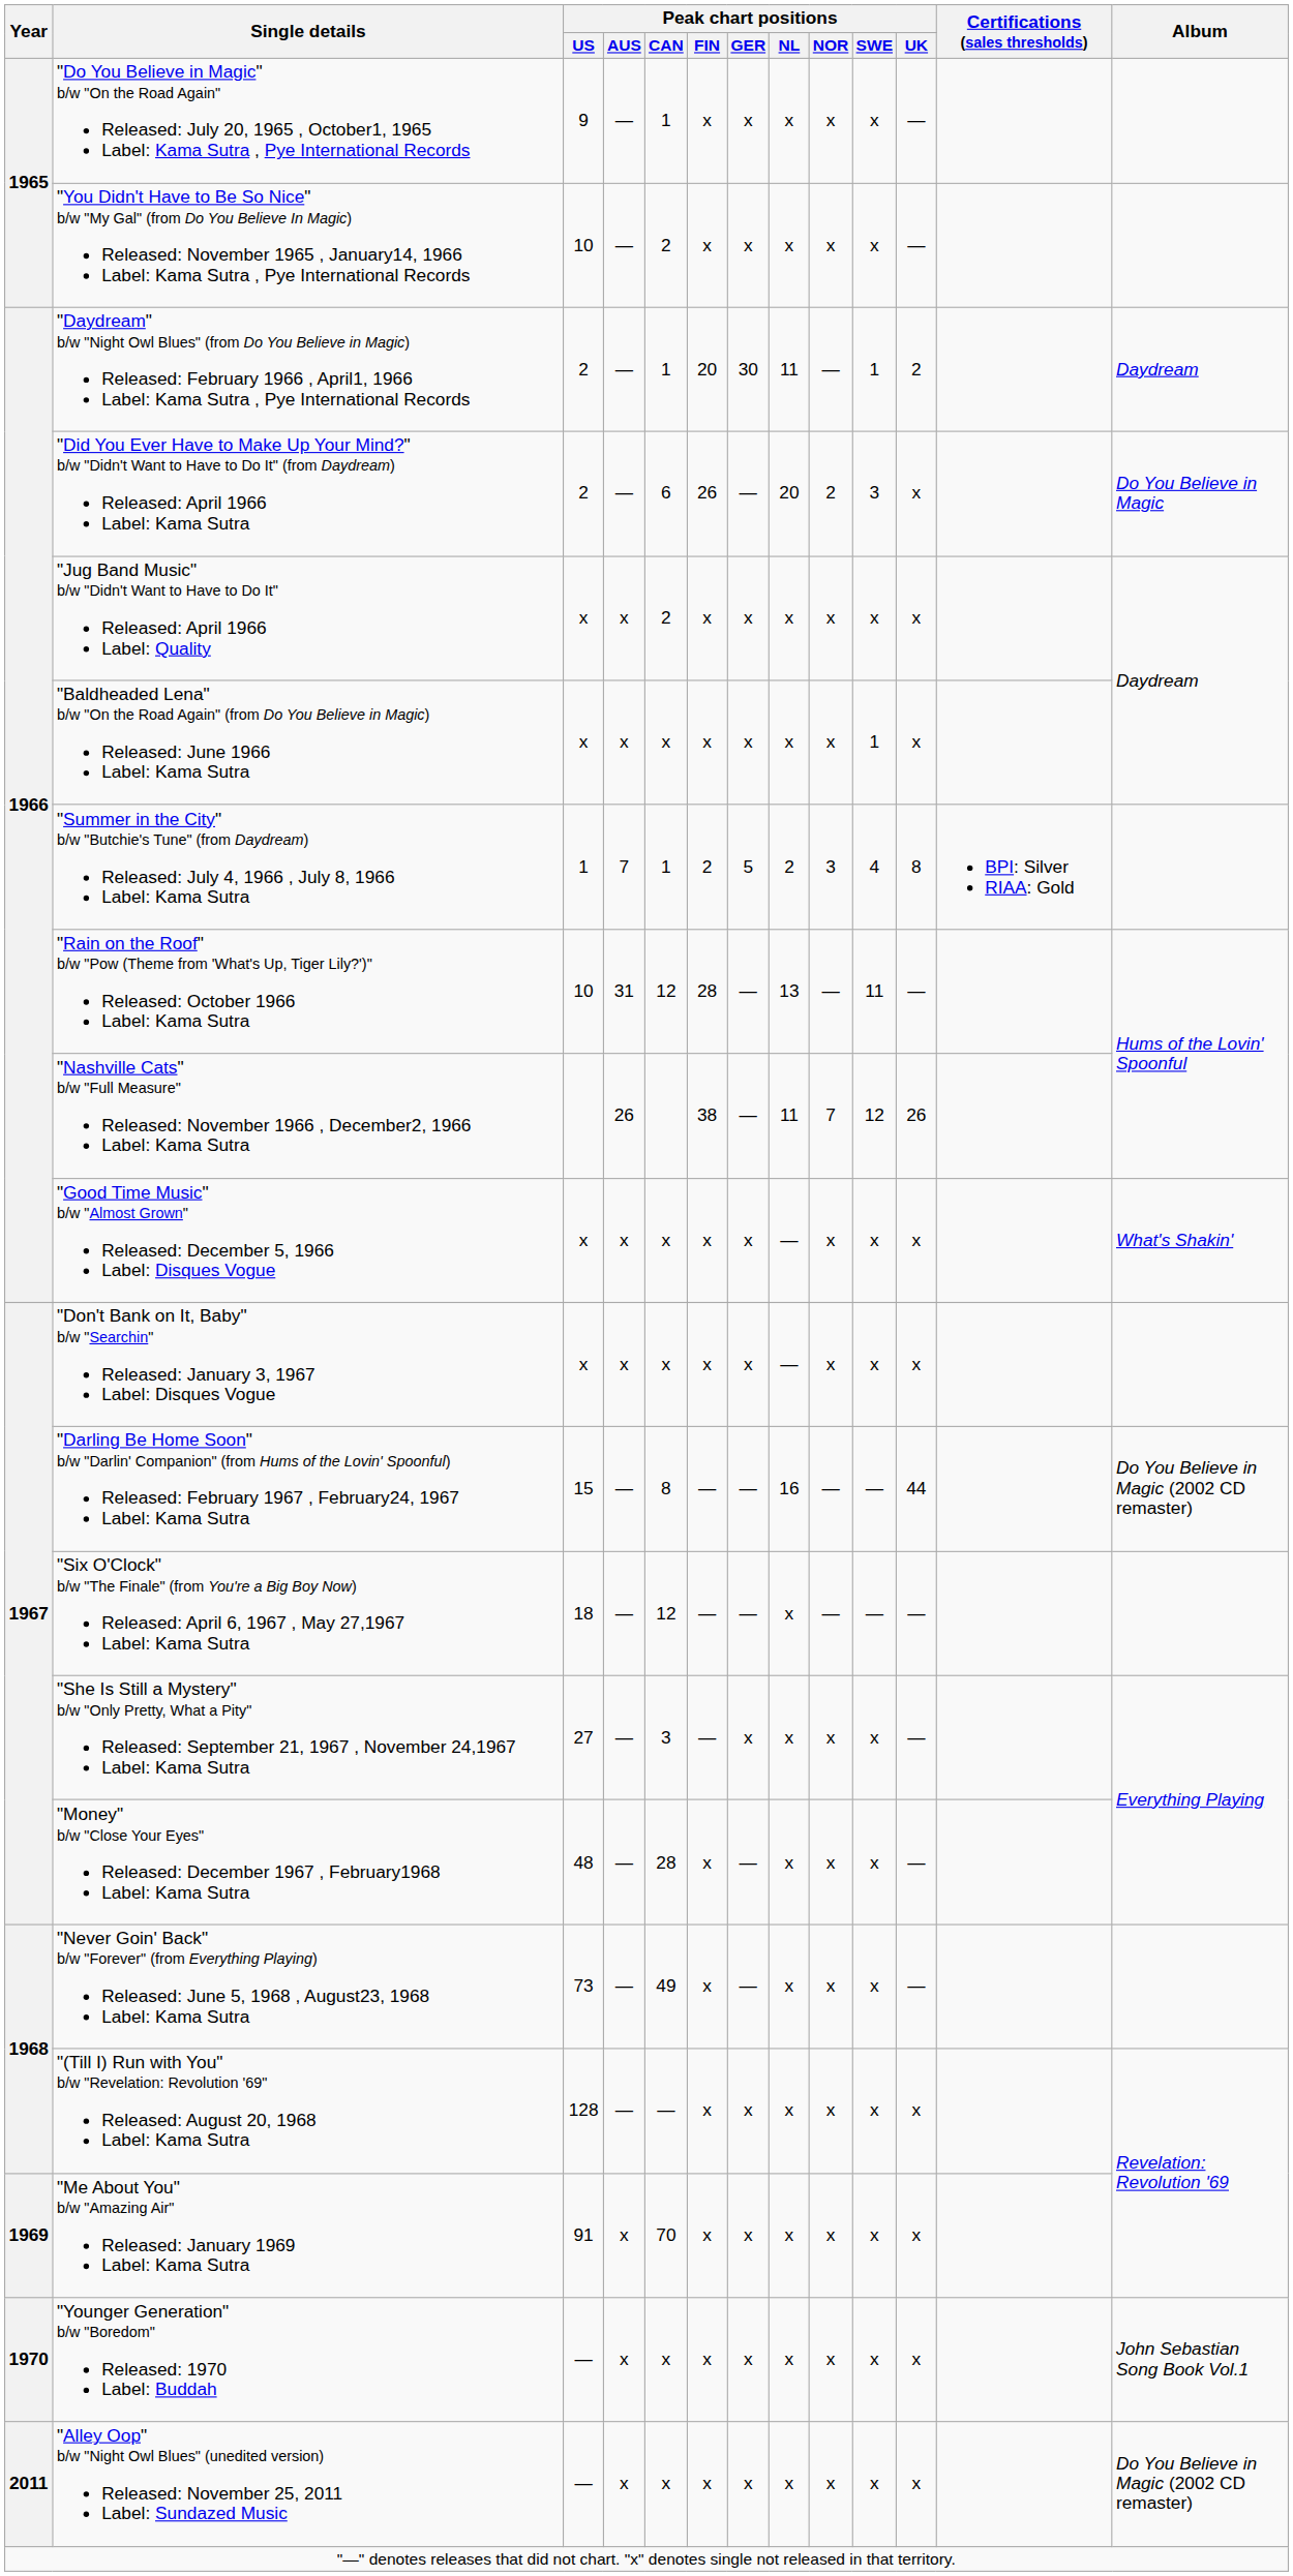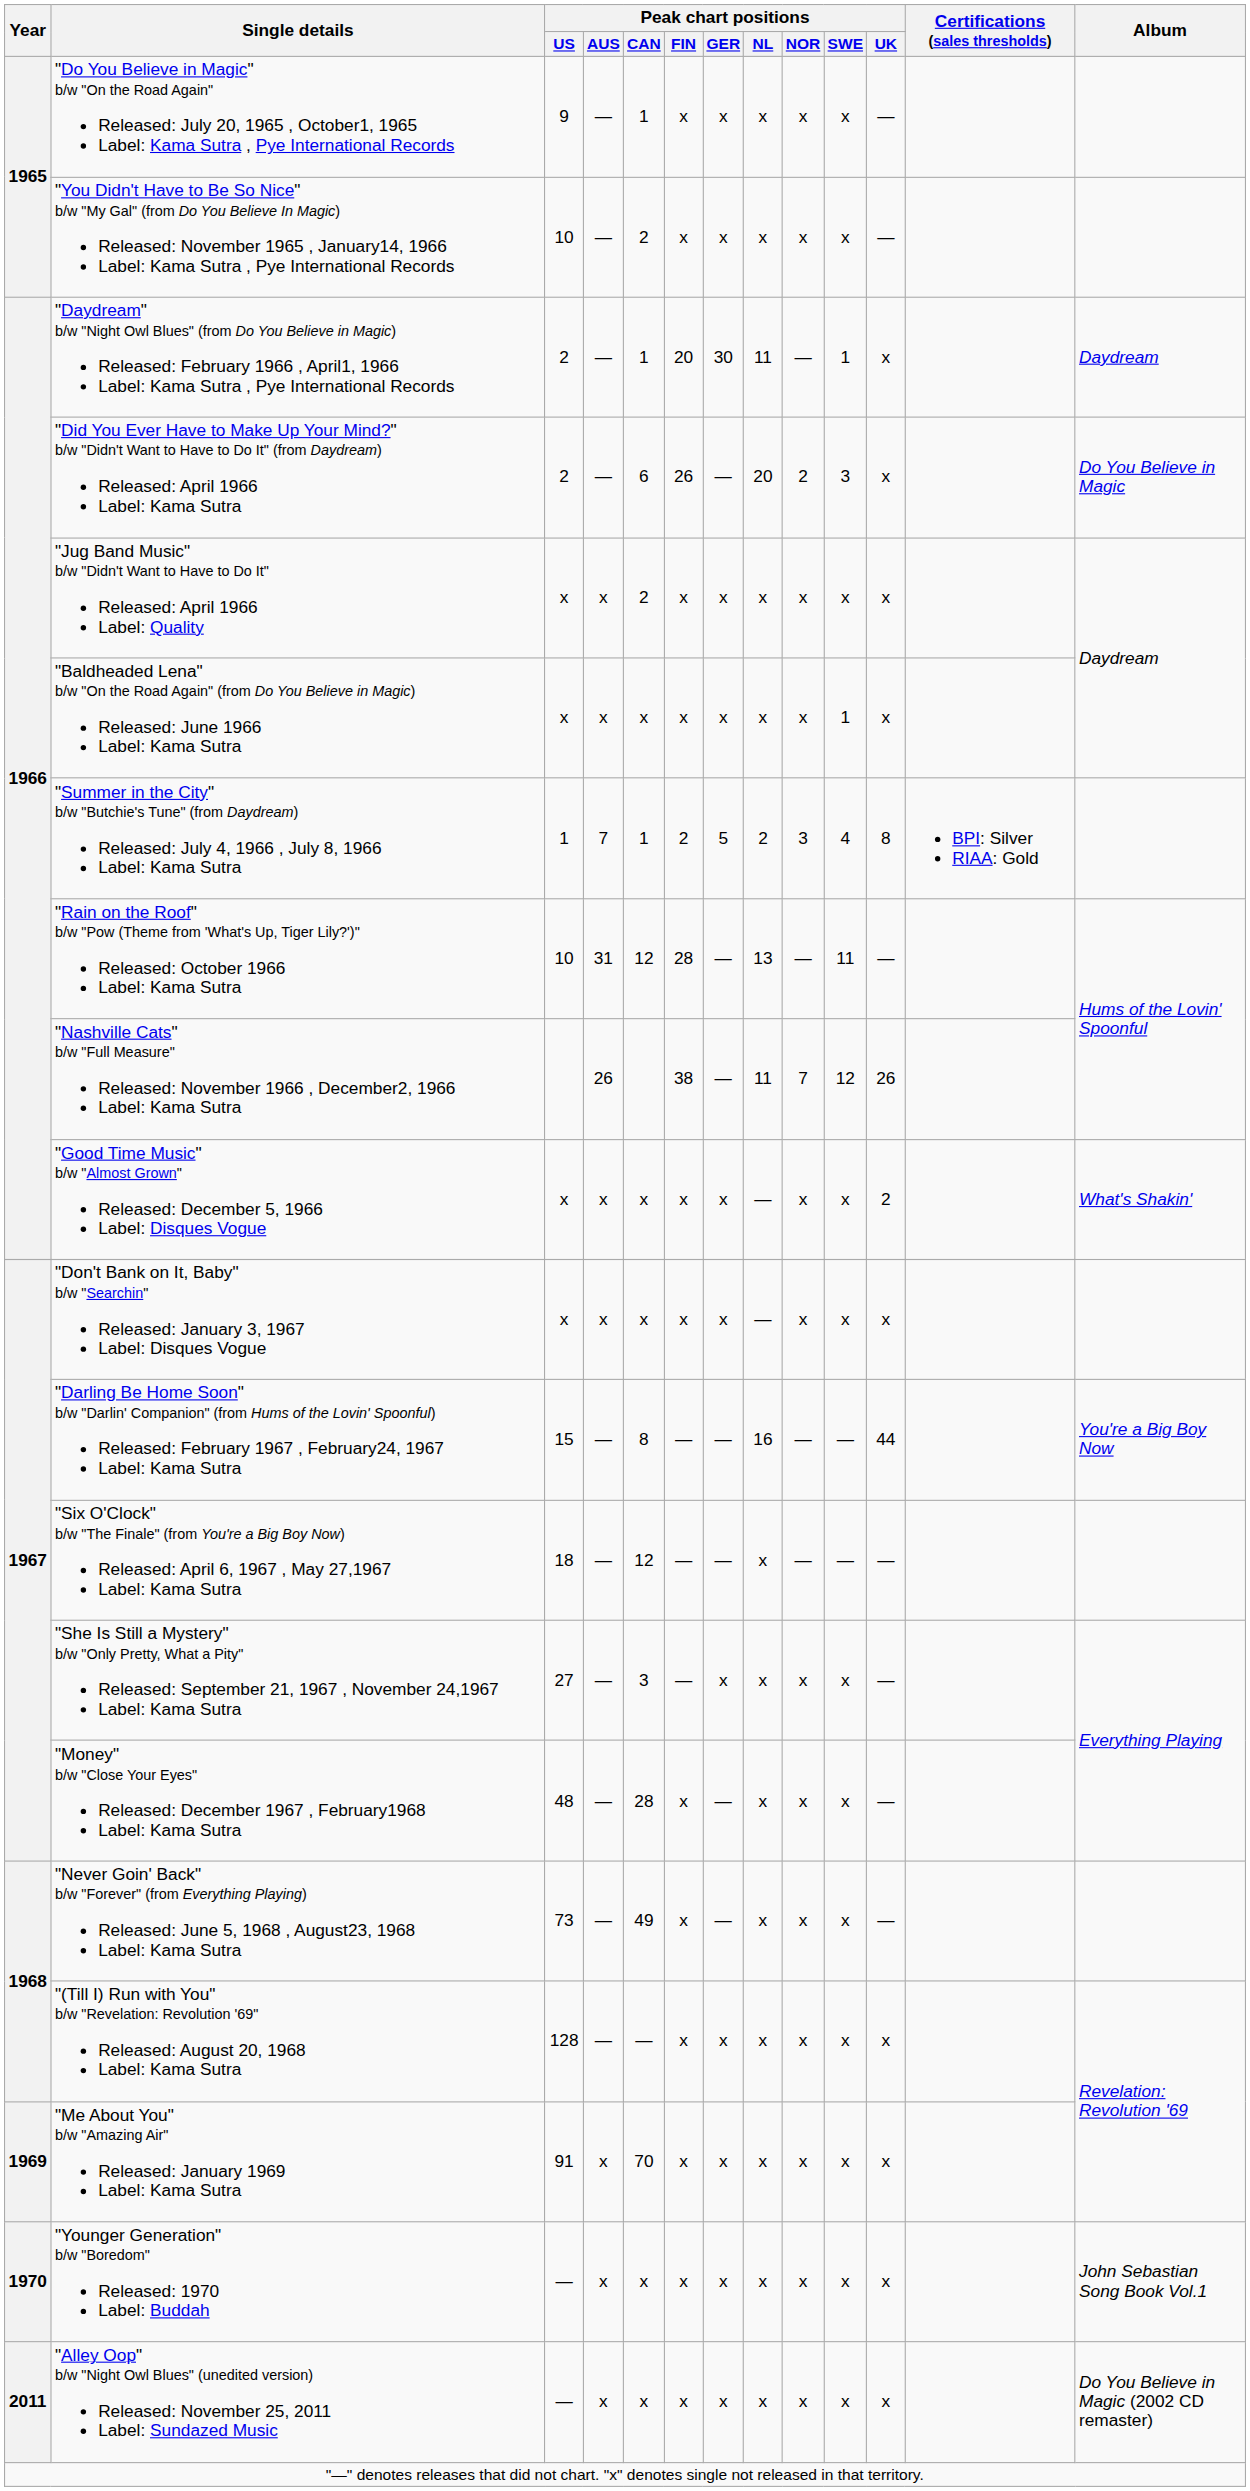 <table class="wikitable plainrowheaders">
 <tr>
 <th width="30" scope="col" rowspan="2">Year</th>
 <th width="450" scope="col" rowspan="2">Single details</th>
 <th width="200" scope="colgroup" colspan="9">Peak chart positions</th>
 <th width="150" scope="col" rowspan="2"><a href='#'>Certifications</a><br><small>(<a href='#'>sales thresholds</a>)</small></th>
 <th width="150" scope="col" rowspan="2">Album</th>
 </tr>
 <tr>
 <th scope="col" style="width:2em;font-size:90%;"><a href='#'>US</a><br></th>
 <th scope="col" style="width:2em;font-size:90%;"><a href='#'>AUS</a><br></th>
 <th scope="col" style="width:2em;font-size:90%;"><a href='#'>CAN</a><br></th>
 <th scope="col" style="width:2em;font-size:90%;"><a href='#'>FIN</a><br></th>
 <th scope="col" style="width:2em;font-size:90%;"><a href='#'>GER</a><br></th>
 <th scope="col" style="width:2em;font-size:90%;"><a href='#'>NL</a><br></th>
 <th scope="col" style="width:2em;font-size:90%;"><a href='#'>NOR</a><br></th>
 <th scope="col" style="width:2em;font-size:90%;"><a href='#'>SWE</a><br></th>
 <th scope="col" style="width:2em;font-size:90%;"><a href='#'>UK</a><br></th>
 </tr>
 <tr>
 <th scope="rowgroup" rowspan="2">1965</th>
 <td>"<a href='#'>Do You Believe in Magic</a>"<br><small>b/w "On the Road Again"</small><br><ul><li>Released: July 20, 1965 , October1, 1965 </li><li>Label: <a href='#'>Kama Sutra</a> , <a href='#'>Pye International Records</a> </li></ul></td>
 <td align="center">9</td>
 <td align="center">—</td>
 <td align="center">1</td>
 <td align="center">x</td>
 <td align="center">x</td>
 <td align="center">x</td>
 <td align="center">x</td>
 <td align="center">x</td>
 <td align="center">—</td>
 <td></td>
 <td></td>
 </tr>
 <tr>
 <td>"<a href='#'>You Didn't Have to Be So Nice</a>"<br><small>b/w "My Gal" (from <em>Do You Believe In Magic</em>)</small><br><ul><li>Released: November 1965 , January14, 1966 </li><li>Label: Kama Sutra , Pye International Records </li></ul></td>
 <td align="center">10</td>
 <td align="center">—</td>
 <td align="center">2</td>
 <td align="center">x</td>
 <td align="center">x</td>
 <td align="center">x</td>
 <td align="center">x</td>
 <td align="center">x</td>
 <td align="center">—</td>
 <td></td>
 <td></td>
 </tr>
 <tr>
 <th scope="rowgroup" rowspan="8">1966</th>
 <td>"<a href='#'>Daydream</a>"<br><small>b/w "Night Owl Blues" (from <em>Do You Believe in Magic</em>)</small><br><ul><li>Released: February 1966 , April1, 1966 </li><li>Label: Kama Sutra , Pye International Records </li></ul></td>
 <td align="center">2</td>
 <td align="center">—</td>
 <td align="center">1</td>
 <td align="center">20</td>
 <td align="center">30</td>
 <td align="center">11</td>
 <td align="center">—</td>
 <td align="center">1</td>
-<td align="center">2</td>
+<td align="center">x</td>
 <td></td>
 <td><em><a href='#'>Daydream</a></em></td>
 </tr>
 <tr>
 <td>"<a href='#'>Did You Ever Have to Make Up Your Mind?</a>"<br><small>b/w "Didn't Want to Have to Do It" (from <em>Daydream</em>)</small><br><ul><li>Released: April 1966 </li><li>Label: Kama Sutra </li></ul></td>
 <td align="center">2</td>
 <td align="center">—</td>
 <td align="center">6</td>
 <td align="center">26</td>
 <td align="center">—</td>
 <td align="center">20</td>
 <td align="center">2</td>
 <td align="center">3</td>
 <td align="center">x</td>
 <td></td>
 <td><em><a href='#'>Do You Believe in Magic</a></em></td>
 </tr>
 <tr>
 <td>"Jug Band Music"<br><small>b/w "Didn't Want to Have to Do It"</small><br><ul><li>Released: April 1966 </li><li>Label: <a href='#'>Quality</a> </li></ul></td>
 <td align="center">x</td>
 <td align="center">x</td>
 <td align="center">2</td>
 <td align="center">x</td>
 <td align="center">x</td>
 <td align="center">x</td>
 <td align="center">x</td>
 <td align="center">x</td>
 <td align="center">x</td>
 <td></td>
 <td rowspan="2"><em>Daydream</em></td>
 </tr>
 <tr>
 <td>"Baldheaded Lena"<br><small>b/w "On the Road Again" (from <em>Do You Believe in Magic</em>)</small><br><ul><li>Released: June 1966 </li><li>Label: Kama Sutra </li></ul></td>
 <td align="center">x</td>
 <td align="center">x</td>
 <td align="center">x</td>
 <td align="center">x</td>
 <td align="center">x</td>
 <td align="center">x</td>
 <td align="center">x</td>
 <td align="center">1</td>
 <td align="center">x</td>
 <td></td>
 </tr>
 <tr>
 <td>"<a href='#'>Summer in the City</a>"<br><small>b/w "Butchie's Tune" (from <em>Daydream</em>)</small><br><ul><li>Released: July 4, 1966 , July 8, 1966 </li><li>Label: Kama Sutra </li></ul></td>
 <td align="center">1</td>
 <td align="center">7</td>
 <td align="center">1</td>
 <td align="center">2</td>
 <td align="center">5</td>
 <td align="center">2</td>
 <td align="center">3</td>
 <td align="center">4</td>
 <td align="center">8</td>
 <td><br><ul><li><a href='#'>BPI</a>: Silver</li><li><a href='#'>RIAA</a>: Gold</li></ul></td>
 <td></td>
 </tr>
 <tr>
 <td>"<a href='#'>Rain on the Roof</a>"<br><small>b/w "Pow (Theme from 'What's Up, Tiger Lily?')"</small><br><ul><li>Released: October 1966 </li><li>Label: Kama Sutra </li></ul></td>
 <td align="center">10</td>
 <td align="center">31</td>
 <td align="center">12</td>
 <td align="center">28</td>
 <td align="center">—</td>
 <td align="center">13</td>
 <td align="center">—</td>
 <td align="center">11</td>
 <td align="center">—</td>
 <td></td>
 <td rowspan="2"><em><a href='#'>Hums of the Lovin' Spoonful</a></em></td>
 </tr>
 <tr>
 <td>"<a href='#'>Nashville Cats</a>"<br><small>b/w "Full Measure"</small><br><ul><li>Released: November 1966 , December2, 1966 </li><li>Label: Kama Sutra </li></ul></td>
 <td align="center"></td>
 <td align="center">26</td>
 <td align="center"></td>
 <td align="center">38</td>
 <td align="center">—</td>
 <td align="center">11</td>
 <td align="center">7</td>
 <td align="center">12</td>
 <td align="center">26</td>
 <td></td>
 </tr>
 <tr>
 <td>"<a href='#'>Good Time Music</a>"<br><small>b/w "<a href='#'>Almost Grown</a>"</small><br><ul><li>Released: December 5, 1966 </li><li>Label: <a href='#'>Disques Vogue</a> </li></ul></td>
 <td align="center">x</td>
 <td align="center">x</td>
 <td align="center">x</td>
 <td align="center">x</td>
 <td align="center">x</td>
 <td align="center">—</td>
 <td align="center">x</td>
 <td align="center">x</td>
-<td align="center">x</td>
+<td align="center">2</td>
 <td></td>
 <td rowspan="2"><em><a href='#'>What's Shakin'</a></em></td>
 </tr>
 <tr>
 </tr>
 <tr>
 <th scope="rowgroup" rowspan="5">1967</th>
 <td>"Don't Bank on It, Baby"<br><small>b/w "<a href='#'>Searchin</a>"</small><br><ul><li>Released: January 3, 1967 </li><li>Label: Disques Vogue </li></ul></td>
 <td align="center">x</td>
 <td align="center">x</td>
 <td align="center">x</td>
 <td align="center">x</td>
 <td align="center">x</td>
 <td align="center">—</td>
 <td align="center">x</td>
 <td align="center">x</td>
 <td align="center">x</td>
 <td></td>
 </tr>
 <tr>
 <td>"<a href='#'>Darling Be Home Soon</a>"<br><small>b/w "Darlin' Companion" (from <em>Hums of the Lovin' Spoonful</em>)</small><br><ul><li>Released: February 1967 , February24, 1967 </li><li>Label: Kama Sutra </li></ul></td>
 <td align="center">15</td>
 <td align="center">—</td>
 <td align="center">8</td>
 <td align="center">—</td>
 <td align="center">—</td>
 <td align="center">16</td>
 <td align="center">—</td>
 <td align="center">—</td>
 <td align="center">44</td>
 <td></td>
-<td><em>Do You Believe in Magic</em> (2002 CD remaster)</td>
+<td><em><a href='#'>You're a Big Boy Now</a></em></td>
 </tr>
 <tr>
 <td>"Six O'Clock"<br><small>b/w "The Finale" (from <em>You're a Big Boy Now</em>)</small><br><ul><li>Released: April 6, 1967 , May 27,1967 </li><li>Label: Kama Sutra </li></ul></td>
 <td align="center">18</td>
 <td align="center">—</td>
 <td align="center">12</td>
 <td align="center">—</td>
 <td align="center">—</td>
 <td align="center">x</td>
 <td align="center">—</td>
 <td align="center">—</td>
 <td align="center">—</td>
 <td></td>
 <td></td>
 </tr>
 <tr>
 <td>"She Is Still a Mystery"<br><small>b/w "Only Pretty, What a Pity"</small><br><ul><li>Released: September 21, 1967 , November 24,1967 </li><li>Label: Kama Sutra </li></ul></td>
 <td align="center">27</td>
 <td align="center">—</td>
 <td align="center">3</td>
 <td align="center">—</td>
 <td align="center">x</td>
 <td align="center">x</td>
 <td align="center">x</td>
 <td align="center">x</td>
 <td align="center">—</td>
 <td></td>
 <td rowspan="2"><em><a href='#'>Everything Playing</a></em></td>
 </tr>
 <tr>
 <td>"Money"<br><small>b/w "Close Your Eyes"</small><br><ul><li>Released: December 1967 , February1968 </li><li>Label: Kama Sutra </li></ul></td>
 <td align="center">48</td>
 <td align="center">—</td>
 <td align="center">28</td>
 <td align="center">x</td>
 <td align="center">—</td>
 <td align="center">x</td>
 <td align="center">x</td>
 <td align="center">x</td>
 <td align="center">—</td>
 <td></td>
 </tr>
 <tr>
 <th scope="rowgroup" rowspan="2">1968</th>
 <td>"Never Goin' Back"<br><small>b/w "Forever" (from <em>Everything Playing</em>)</small><br><ul><li>Released: June 5, 1968 , August23, 1968 </li><li>Label: Kama Sutra </li></ul></td>
 <td align="center">73</td>
 <td align="center">—</td>
 <td align="center">49</td>
 <td align="center">x</td>
 <td align="center">—</td>
 <td align="center">x</td>
 <td align="center">x</td>
 <td align="center">x</td>
 <td align="center">—</td>
 <td></td>
 <td></td>
 </tr>
 <tr>
 <td>"(Till I) Run with You"<br><small>b/w "Revelation: Revolution '69"</small><br><ul><li>Released: August 20, 1968 </li><li>Label: Kama Sutra </li></ul></td>
 <td align="center">128</td>
 <td align="center">—</td>
 <td align="center">—</td>
 <td align="center">x</td>
 <td align="center">x</td>
 <td align="center">x</td>
 <td align="center">x</td>
 <td align="center">x</td>
 <td align="center">x</td>
 <td></td>
 <td rowspan="2"><em><a href='#'>Revelation: Revolution '69</a></em></td>
 </tr>
 <tr>
 <th scope="row">1969</th>
 <td>"Me About You"<br><small>b/w "Amazing Air"</small><br><ul><li>Released: January 1969 </li><li>Label: Kama Sutra </li></ul></td>
 <td align="center">91</td>
 <td align="center">x</td>
 <td align="center">70</td>
 <td align="center">x</td>
 <td align="center">x</td>
 <td align="center">x</td>
 <td align="center">x</td>
 <td align="center">x</td>
 <td align="center">x</td>
 <td></td>
 </tr>
 <tr>
 <th scope="row">1970</th>
 <td>"Younger Generation"<br><small>b/w "Boredom"</small><br><ul><li>Released: 1970 </li><li>Label: <a href='#'>Buddah</a> </li></ul></td>
 <td align="center">—</td>
 <td align="center">x</td>
 <td align="center">x</td>
 <td align="center">x</td>
 <td align="center">x</td>
 <td align="center">x</td>
 <td align="center">x</td>
 <td align="center">x</td>
 <td align="center">x</td>
 <td></td>
 <td><em>John Sebastian Song Book Vol.1</em></td>
 </tr>
 <tr>
 <th scope="row">2011</th>
 <td>"<a href='#'>Alley Oop</a>"<br><small>b/w "Night Owl Blues" (unedited version)</small><br><ul><li>Released: November 25, 2011 </li><li>Label: <a href='#'>Sundazed Music</a> </li></ul></td>
 <td align="center">—</td>
 <td align="center">x</td>
 <td align="center">x</td>
 <td align="center">x</td>
 <td align="center">x</td>
 <td align="center">x</td>
 <td align="center">x</td>
 <td align="center">x</td>
 <td align="center">x</td>
 <td></td>
 <td><em>Do You Believe in Magic</em> (2002 CD remaster)</td>
 </tr>
 <tr>
 <td colspan="14" style="font-size:90%" align="center">"—" denotes releases that did not chart. "x" denotes single not released in that territory.</td>
 </tr>
 </table>
